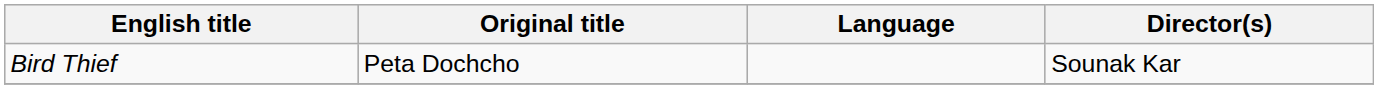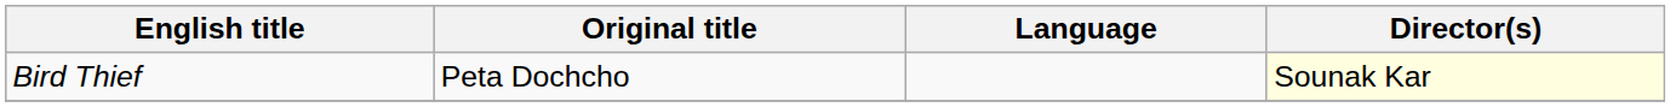 <table class="sortable wikitable" style="width:100%; margin-bottom:4px" cellpadding="5">
 <tr>
 <th scope="col">English title</th>
 <th scope="col">Original title</th>
 <th scope="col">Language</th>
 <th scope="col">Director(s)</th>
 </tr>
 <tr>
 <td><em>Bird Thief</em></td>
 <td>Peta Dochcho</td>
 <td></td>
-<td>Sounak Kar</td>
+<td style="background: lightyellow;">Sounak Kar</td>
 </tr>
 <tr>
 </tr>
 </table>
